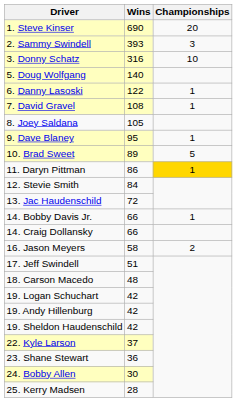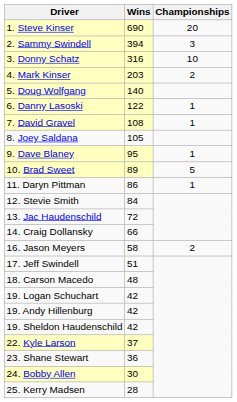 <table class="wikitable">
 <tr>
 <th>Driver</th>
 <th>Wins</th>
 <th>Championships</th>
 </tr>
 <tr>
 <td style="background:#FFFFBF;">1. <a href='#'>Steve Kinser</a></td>
 <td style="background:#FFFFBF;">690</td>
 <td style="text-align:center;">20</td>
 </tr>
 <tr>
 <td style="background:#FFFFBF;">2. <a href='#'>Sammy Swindell</a></td>
-<td style="background:#FFFFBF;">393</td>
+<td style="background:#FFFFBF;">394</td>
 <td style="text-align:center;">3</td>
 </tr>
 <tr>
 <td style="background:#FFFFBF;">3. <a href='#'>Donny Schatz</a></td>
 <td style="background:#FFFFBF;">316</td>
 <td style="text-align:center;">10</td>
+</tr>
+<tr>
+<td style="background:#FFFFBF;">4. <a href='#'>Mark Kinser</a></td>
+<td style="background:#FFFFBF;">203</td>
+<td style="text-align:center;">2</td>
 </tr>
 <tr>
 <td style="background:#FFFFBF;">5. <a href='#'>Doug Wolfgang</a></td>
 <td style="background:#FFFFBF;">140</td>
 </tr>
 <tr>
 <td style="background:#FFFFBF;">6. <a href='#'>Danny Lasoski</a></td>
 <td style="background:#FFFFBF;">122</td>
 <td style="text-align:center;">1</td>
 </tr>
 <tr>
 <td style="background:#FFFFBF;">7. <a href='#'>David Gravel</a></td>
 <td style="background:#FFFFBF;">108</td>
 <td style="text-align:center;">1</td>
 </tr>
 <tr>
 <td>8. <a href='#'>Joey Saldana</a></td>
 <td>105</td>
 </tr>
 <tr>
 <td style="background:#FFFFBF;  ">9. <a href='#'>Dave Blaney</a></td>
 <td style="background:#FFFFBF;">95</td>
 <td style="text-align:center;">1</td>
 </tr>
 <tr>
 <td style="background:#FFFFBF;">10. <a href='#'>Brad Sweet</a></td>
 <td style="background:#FFFFBF;">89</td>
 <td style="text-align:center;">5</td>
 </tr>
 <tr>
 <td>11. Daryn Pittman</td>
 <td>86</td>
-<td style="background: gold; text-align:center;">1</td>
+<td style="text-align:center;">1</td>
 </tr>
 <tr>
 <td>12. Stevie Smith</td>
 <td>84</td>
 </tr>
 <tr>
 <td>13. <a href='#'>Jac Haudenschild</a></td>
 <td>72</td>
-</tr>
-<tr>
-<td>14. Bobby Davis Jr.</td>
-<td>66</td>
-<td style="text-align:center;">1</td>
 </tr>
 <tr>
 <td>14. Craig Dollansky</td>
 <td>66</td>
 </tr>
 <tr>
 <td>16. Jason Meyers</td>
 <td>58</td>
 <td style="text-align:center;">2</td>
 </tr>
 <tr>
 <td>17. Jeff Swindell</td>
 <td>51</td>
 </tr>
 <tr>
 <td>18. Carson Macedo</td>
 <td>48</td>
 </tr>
 <tr>
 <td>19. Logan Schuchart</td>
 <td>42</td>
 </tr>
 <tr>
 <td>19. Andy Hillenburg</td>
 <td>42</td>
 </tr>
 <tr>
 <td>19. Sheldon Haudenschild</td>
 <td>42</td>
 </tr>
 <tr>
 <td style="background:#FFFFBF;">22. <a href='#'>Kyle Larson</a></td>
 <td style="background:#FFFFBF;">37</td>
 </tr>
 <tr>
 <td>23. Shane Stewart</td>
 <td>36</td>
 </tr>
 <tr>
 <td style="background:#FFFFBF;">24. <a href='#'>Bobby Allen</a></td>
 <td style="background:#FFFFBF;">30</td>
 </tr>
 <tr>
 <td>25. Kerry Madsen</td>
 <td>28</td>
 </tr>
 </table>
